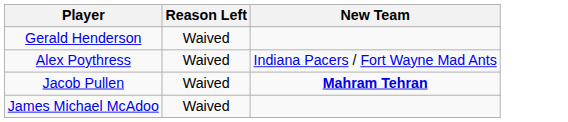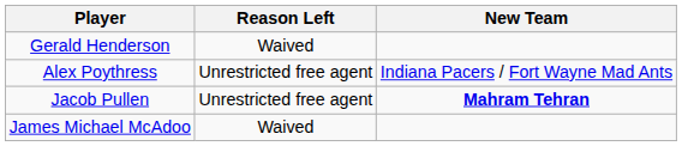 <table class="wikitable sortable sortable">
 <tr>
 <th>Player</th>
 <th>Reason Left</th>
 <th>New Team</th>
 </tr>
 <tr style="text-align: center">
 <td><a href='#'>Gerald Henderson</a></td>
 <td>Waived</td>
 <td></td>
 </tr>
 <tr style="text-align: center">
 <td><a href='#'>Alex Poythress</a></td>
-<td>Waived</td>
+<td>Unrestricted free agent</td>
 <td><a href='#'>Indiana Pacers</a> / <a href='#'>Fort Wayne Mad Ants</a></td>
 </tr>
 <tr style="text-align: center">
 <td><a href='#'>Jacob Pullen</a></td>
-<td>Waived</td>
+<td>Unrestricted free agent</td>
 <td><strong> <a href='#'>Mahram Tehran</a></strong></td>
 </tr>
 <tr style="text-align: center">
 <td><a href='#'>James Michael McAdoo</a></td>
 <td>Waived</td>
 <td></td>
 </tr>
 </table>
